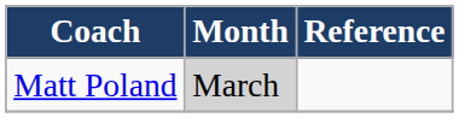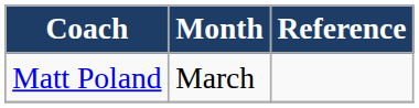 <table class=wikitable>
 <tr>
 <th style="background:#1D3C66; color:#FFFFFF;">Coach</th>
 <th style="background:#1D3C66; color:#FFFFFF;">Month</th>
 <th style="background:#1D3C66; color:#FFFFFF;">Reference</th>
 </tr>
 <tr>
 <td> <a href='#'>Matt Poland</a></td>
-<td style="background: lightgrey;">March</td>
+<td>March</td>
 <td></td>
 </tr>
 <tr>
 </tr>
 </table>
